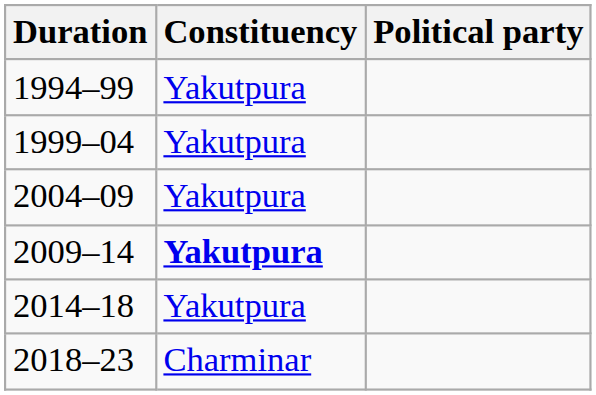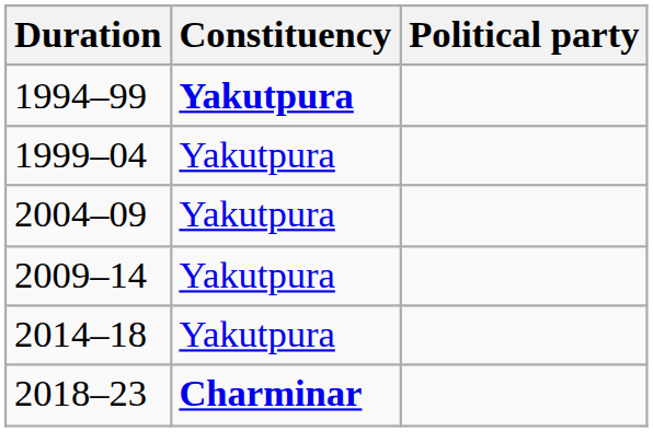 <table class="wikitable sortable">
 <tr>
 <th>Duration</th>
 <th>Constituency</th>
 <th colspan="2">Political party</th>
 </tr>
 <tr>
 <td>1994–99</td>
-<td><a href='#'>Yakutpura</a></td>
+<td><strong><a href='#'>Yakutpura</a></strong></td>
 <td></td>
 </tr>
 <tr>
 <td>1999–04</td>
 <td><a href='#'>Yakutpura</a></td>
 <td></td>
 </tr>
 <tr>
 <td>2004–09</td>
 <td><a href='#'>Yakutpura</a></td>
 <td></td>
 </tr>
 <tr>
 <td>2009–14</td>
-<td><strong><a href='#'>Yakutpura</a></strong></td>
+<td><a href='#'>Yakutpura</a></td>
 <td></td>
 </tr>
 <tr>
 <td>2014–18</td>
 <td><a href='#'>Yakutpura</a></td>
 <td></td>
 </tr>
 <tr>
 <td>2018–23</td>
-<td><a href='#'>Charminar</a></td>
+<td><strong><a href='#'>Charminar</a></strong></td>
 <td></td>
 </tr>
 </table>
